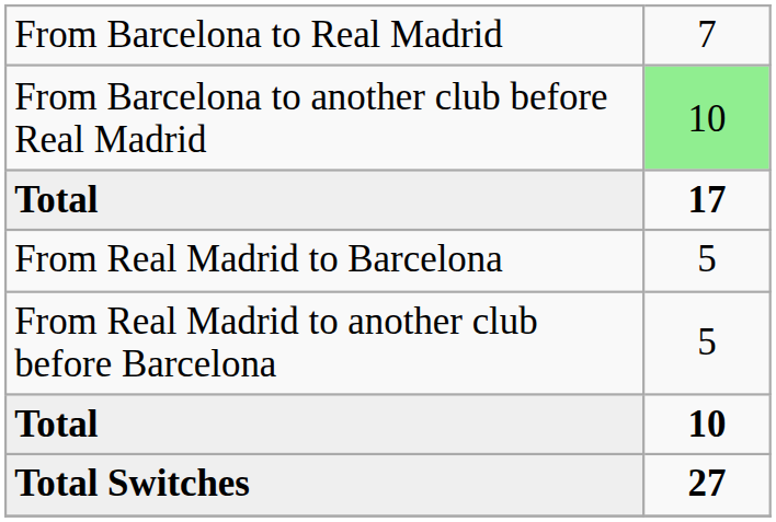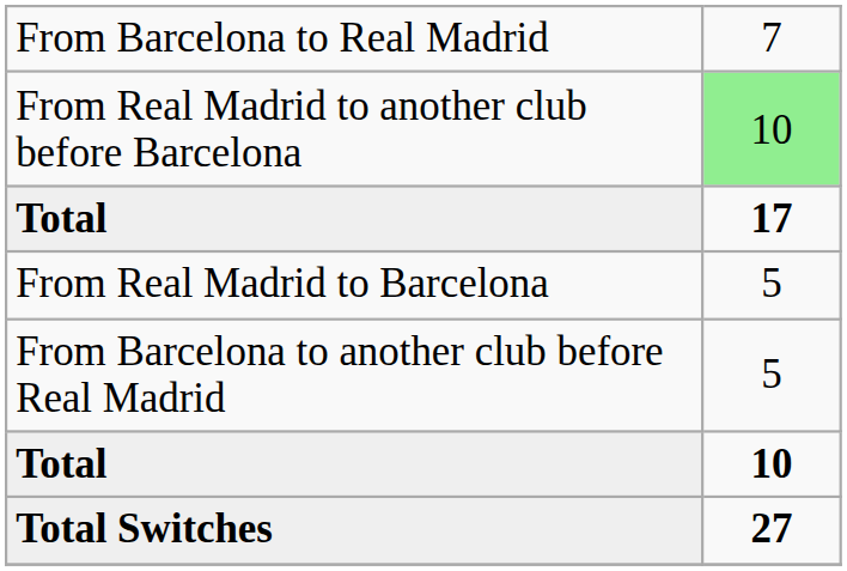 <table class="wikitable">
 <tr>
 <td width=260>From Barcelona to Real Madrid</td>
 <td style="text-align:center; width:45px;">7</td>
 </tr>
 <tr>
-<td>From Barcelona to another club before Real Madrid</td>
+<td>From Real Madrid to another club before Barcelona</td>
 <td style="background: lightgreen; text-align:center;">10</td>
 </tr>
 <tr>
 <td style=background:#efefef><strong>Total</strong></td>
 <td style="text-align:center;"><strong>17</strong></td>
 </tr>
 <tr>
 <td>From Real Madrid to Barcelona</td>
 <td style="text-align:center;">5</td>
 </tr>
 <tr>
-<td>From Real Madrid to another club before Barcelona</td>
+<td>From Barcelona to another club before Real Madrid</td>
 <td style="text-align:center;">5</td>
 </tr>
 <tr>
 <td style=background:#efefef><strong>Total</strong></td>
 <td style="text-align:center;"><strong>10</strong></td>
 </tr>
 <tr>
 <td style=background:#efefef><strong>Total Switches</strong></td>
 <td style="text-align:center;"><strong>27</strong></td>
 </tr>
 <tr>
 </tr>
 </table>
